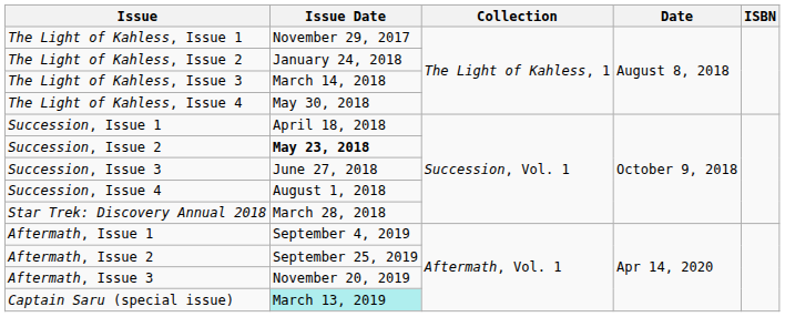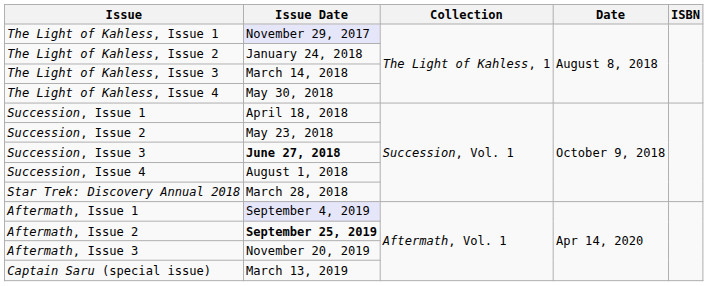 <table class="wikitable">
 <tr>
 <th>Issue</th>
 <th>Issue Date</th>
 <th>Collection</th>
 <th>Date</th>
 <th>ISBN</th>
 </tr>
 <tr>
 <td><em>The Light of Kahless</em>, Issue 1</td>
-<td>November 29, 2017</td>
+<td style="background: lavender;">November 29, 2017</td>
 <td rowspan="4"><em>The Light of Kahless</em>,  1</td>
 <td rowspan="4">August 8, 2018</td>
 <td rowspan="4"></td>
 </tr>
 <tr>
 <td><em>The Light of Kahless</em>, Issue 2</td>
 <td>January 24, 2018</td>
 </tr>
 <tr>
 <td><em>The Light of Kahless</em>, Issue 3</td>
 <td>March 14, 2018</td>
 </tr>
 <tr>
 <td><em>The Light of Kahless</em>, Issue 4</td>
 <td>May 30, 2018</td>
 </tr>
 <tr>
 <td><em>Succession</em>, Issue 1</td>
 <td>April 18, 2018</td>
 <td rowspan="5"><em>Succession</em>, Vol. 1</td>
 <td rowspan="5">October 9, 2018</td>
 <td rowspan="5"></td>
 </tr>
 <tr>
 <td><em>Succession</em>, Issue 2</td>
-<td><strong>May 23, 2018</strong></td>
+<td>May 23, 2018</td>
 </tr>
 <tr>
 <td><em>Succession</em>, Issue 3</td>
-<td>June 27, 2018</td>
+<td><strong>June 27, 2018</strong></td>
 </tr>
 <tr>
 <td><em>Succession</em>, Issue 4</td>
 <td>August 1, 2018</td>
 </tr>
 <tr>
 <td><em>Star Trek: Discovery Annual 2018</em></td>
 <td>March 28, 2018</td>
 </tr>
 <tr>
 <td><em>Aftermath</em>, Issue 1</td>
-<td>September 4, 2019</td>
+<td style="background: lavender;">September 4, 2019</td>
 <td rowspan="4"><em>Aftermath</em>, Vol. 1</td>
 <td rowspan="4">Apr 14, 2020</td>
 <td rowspan="4"></td>
 </tr>
 <tr>
 <td><em>Aftermath</em>, Issue 2</td>
-<td>September 25, 2019</td>
+<td><strong>September 25, 2019</strong></td>
 </tr>
 <tr>
 <td><em>Aftermath</em>, Issue 3</td>
 <td>November 20, 2019</td>
 </tr>
 <tr>
 <td><em>Captain Saru</em> (special issue)</td>
-<td style="background: paleturquoise;">March 13, 2019</td>
+<td>March 13, 2019</td>
 </tr>
 </table>
